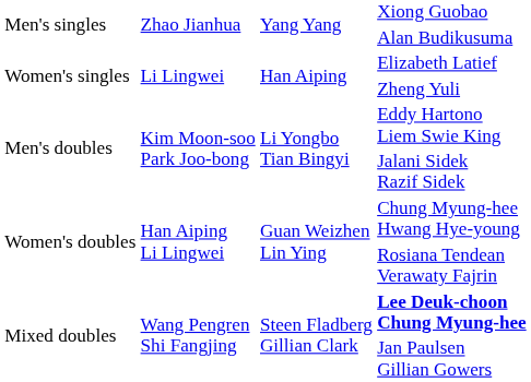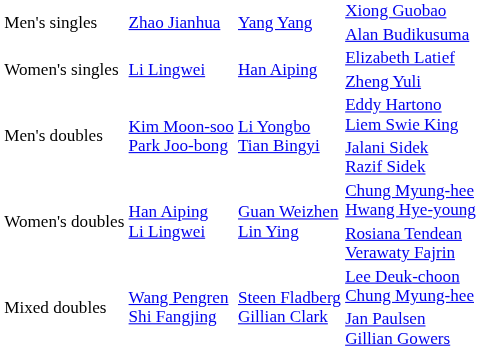 <table>
 <tr>
 <td rowspan=2>Men's singles</td>
 <td rowspan=2> <a href='#'>Zhao Jianhua</a></td>
 <td rowspan=2> <a href='#'>Yang Yang</a></td>
 <td> <a href='#'>Xiong Guobao</a></td>
 </tr>
 <tr>
 <td> <a href='#'>Alan Budikusuma</a></td>
 </tr>
 <tr>
 <td rowspan=2>Women's singles</td>
 <td rowspan=2> <a href='#'>Li Lingwei</a></td>
 <td rowspan=2> <a href='#'>Han Aiping</a></td>
 <td> <a href='#'>Elizabeth Latief</a></td>
 </tr>
 <tr>
 <td> <a href='#'>Zheng Yuli</a></td>
 </tr>
 <tr>
 <td rowspan=2>Men's doubles</td>
 <td rowspan=2> <a href='#'>Kim Moon-soo</a> <br>  <a href='#'>Park Joo-bong</a></td>
 <td rowspan=2> <a href='#'>Li Yongbo</a> <br>  <a href='#'>Tian Bingyi</a></td>
 <td> <a href='#'>Eddy Hartono</a> <br>  <a href='#'>Liem Swie King</a></td>
 </tr>
 <tr>
 <td> <a href='#'>Jalani Sidek</a> <br>  <a href='#'>Razif Sidek</a></td>
 </tr>
 <tr>
 <td rowspan=2>Women's doubles</td>
 <td rowspan=2> <a href='#'>Han Aiping</a> <br>  <a href='#'>Li Lingwei</a></td>
 <td rowspan=2> <a href='#'>Guan Weizhen</a> <br>  <a href='#'>Lin Ying</a></td>
 <td> <a href='#'>Chung Myung-hee</a> <br>  <a href='#'>Hwang Hye-young</a></td>
 </tr>
 <tr>
 <td> <a href='#'>Rosiana Tendean</a> <br>  <a href='#'>Verawaty Fajrin</a></td>
 </tr>
 <tr>
 <td rowspan=2>Mixed doubles</td>
 <td rowspan=2> <a href='#'>Wang Pengren</a><br>  <a href='#'>Shi Fangjing</a></td>
 <td rowspan=2> <a href='#'>Steen Fladberg</a> <br>  <a href='#'>Gillian Clark</a></td>
-<td><strong> <a href='#'>Lee Deuk-choon</a><br> <a href='#'>Chung Myung-hee</a></strong></td>
+<td> <a href='#'>Lee Deuk-choon</a><br> <a href='#'>Chung Myung-hee</a></td>
 </tr>
 <tr>
 <td> <a href='#'>Jan Paulsen</a> <br>  <a href='#'>Gillian Gowers</a></td>
 </tr>
 </table>
